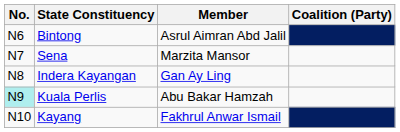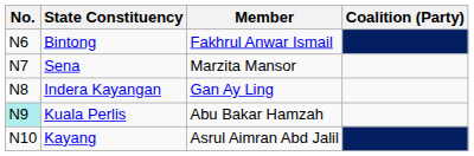 <table class="wikitable sortable">
 <tr>
 <th>No.</th>
 <th>State Constituency</th>
 <th>Member</th>
 <th>Coalition (Party)</th>
 </tr>
 <tr>
 <td>N6</td>
 <td><a href='#'>Bintong</a></td>
-<td>Asrul Aimran Abd Jalil</td>
+<td><a href='#'>Fakhrul Anwar Ismail</a></td>
 <td bgcolor=#031e61></td>
 </tr>
 <tr>
 <td>N7</td>
 <td><a href='#'>Sena</a></td>
 <td>Marzita Mansor</td>
 <td></td>
 </tr>
 <tr>
 <td>N8</td>
 <td><a href='#'>Indera Kayangan</a></td>
 <td><a href='#'>Gan Ay Ling</a></td>
 <td></td>
 </tr>
 <tr>
 <td style="background: paleturquoise;">N9</td>
 <td><a href='#'>Kuala Perlis</a></td>
 <td>Abu Bakar Hamzah</td>
 <td></td>
 </tr>
 <tr>
 <td>N10</td>
 <td><a href='#'>Kayang</a></td>
-<td><a href='#'>Fakhrul Anwar Ismail</a></td>
+<td>Asrul Aimran Abd Jalil</td>
 <td bgcolor=#031e61></td>
 </tr>
 </table>
